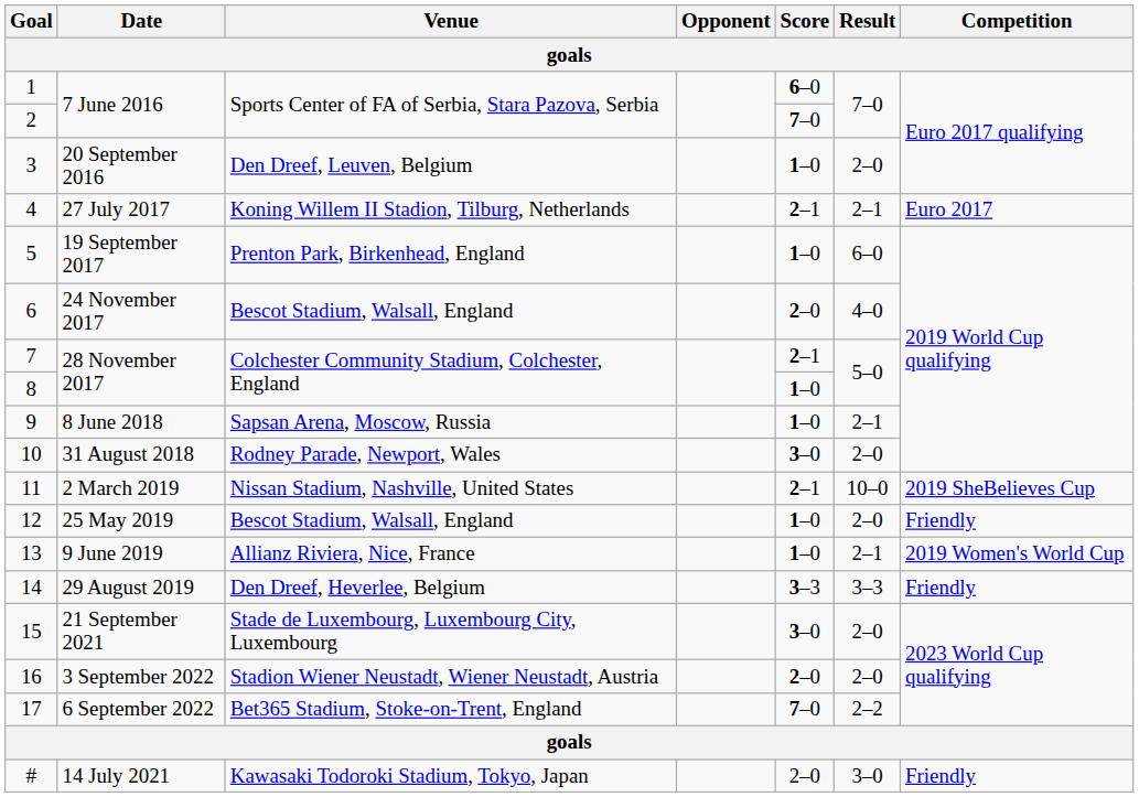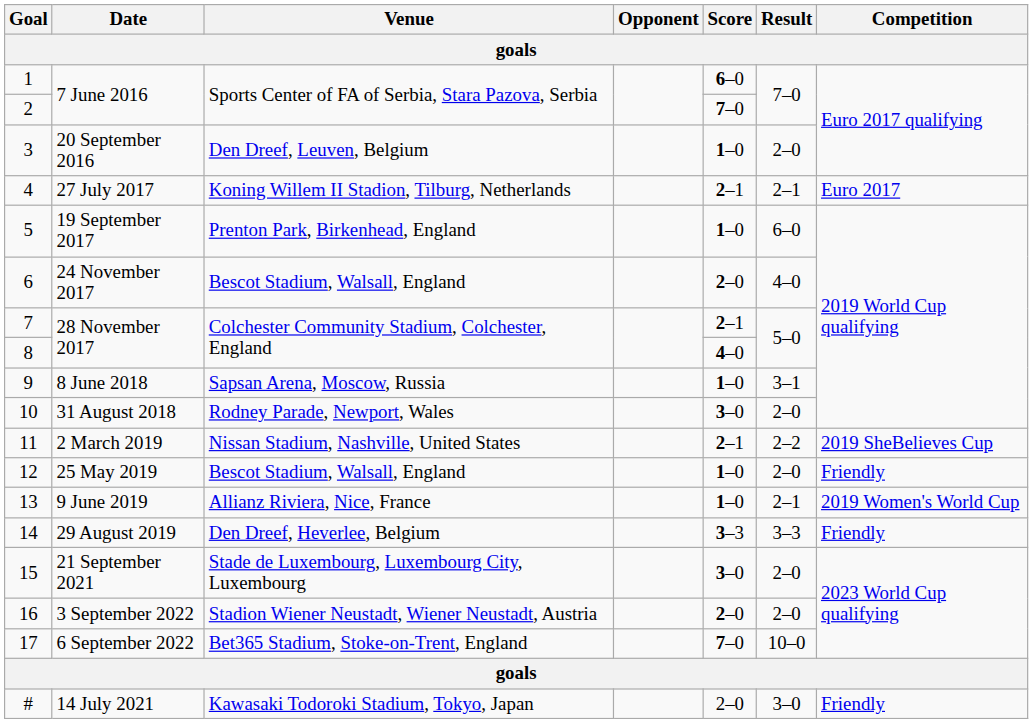 <table class="wikitable sortable plainrowheaders">
 <tr>
 <th>Goal</th>
 <th>Date</th>
 <th>Venue</th>
 <th>Opponent</th>
 <th>Score</th>
 <th>Result</th>
 <th>Competition</th>
 </tr>
 <tr>
 <th colspan="7"> goals</th>
 </tr>
 <tr>
 <td align="center">1</td>
 <td rowspan="2">7 June 2016</td>
 <td rowspan="2">Sports Center of FA of Serbia, <a href='#'>Stara Pazova</a>, Serbia</td>
 <td rowspan="2"></td>
 <td align="center"><strong>6</strong>–0</td>
 <td align="center" rowspan="2">7–0</td>
 <td rowspan="3"><a href='#'>Euro 2017 qualifying</a></td>
 </tr>
 <tr>
 <td align="center">2</td>
 <td align="center"><strong>7</strong>–0</td>
 </tr>
 <tr>
 <td align="center">3</td>
 <td>20 September 2016</td>
 <td><a href='#'>Den Dreef</a>, <a href='#'>Leuven</a>, Belgium</td>
 <td></td>
 <td align="center"><strong>1</strong>–0</td>
 <td align="center">2–0</td>
 </tr>
 <tr>
 <td align="center">4</td>
 <td>27 July 2017</td>
 <td><a href='#'>Koning Willem II Stadion</a>, <a href='#'>Tilburg</a>, Netherlands</td>
 <td></td>
 <td align="center"><strong>2</strong>–1</td>
 <td align="center">2–1</td>
 <td><a href='#'>Euro 2017</a></td>
 </tr>
 <tr>
 <td align="center">5</td>
 <td>19 September 2017</td>
 <td><a href='#'>Prenton Park</a>, <a href='#'>Birkenhead</a>, England</td>
 <td></td>
 <td align="center"><strong>1</strong>–0</td>
 <td align="center">6–0</td>
 <td rowspan="6"><a href='#'>2019 World Cup qualifying</a></td>
 </tr>
 <tr>
 <td align="center">6</td>
 <td>24 November 2017</td>
 <td><a href='#'>Bescot Stadium</a>, <a href='#'>Walsall</a>, England</td>
 <td></td>
 <td align="center"><strong>2</strong>–0</td>
 <td align="center">4–0</td>
 </tr>
 <tr>
 <td align="center">7</td>
 <td rowspan="2">28 November 2017</td>
 <td rowspan="2"><a href='#'>Colchester Community Stadium</a>, <a href='#'>Colchester</a>, England</td>
 <td rowspan="2"></td>
 <td align="center"><strong>2</strong>–1</td>
 <td align="center" rowspan="2">5–0</td>
 </tr>
 <tr>
 <td align="center">8</td>
-<td align="center"><strong>1</strong>–0</td>
+<td align="center"><strong>4</strong>–0</td>
 </tr>
 <tr>
 <td align="center">9</td>
 <td>8 June 2018</td>
 <td><a href='#'>Sapsan Arena</a>, <a href='#'>Moscow</a>, Russia</td>
 <td></td>
 <td align="center"><strong>1</strong>–0</td>
-<td align="center">2–1</td>
+<td align="center">3–1</td>
 </tr>
 <tr>
 <td align="center">10</td>
 <td>31 August 2018</td>
 <td><a href='#'>Rodney Parade</a>, <a href='#'>Newport</a>, Wales</td>
 <td></td>
 <td align="center"><strong>3</strong>–0</td>
 <td align="center">2–0</td>
 </tr>
 <tr>
 <td align="center">11</td>
 <td>2 March 2019</td>
 <td><a href='#'>Nissan Stadium</a>, <a href='#'>Nashville</a>, United States</td>
 <td></td>
 <td align="center"><strong>2</strong>–1</td>
-<td align="center">10–0</td>
+<td align="center">2–2</td>
 <td><a href='#'>2019 SheBelieves Cup</a></td>
 </tr>
 <tr>
 <td align="center">12</td>
 <td>25 May 2019</td>
 <td><a href='#'>Bescot Stadium</a>, <a href='#'>Walsall</a>, England</td>
 <td></td>
 <td align="center"><strong>1</strong>–0</td>
 <td align="center">2–0</td>
 <td><a href='#'>Friendly</a></td>
 </tr>
 <tr>
 <td align="center">13</td>
 <td>9 June 2019</td>
 <td><a href='#'>Allianz Riviera</a>, <a href='#'>Nice</a>, France</td>
 <td></td>
 <td align="center"><strong>1</strong>–0</td>
 <td align="center">2–1</td>
 <td><a href='#'>2019 Women's World Cup</a></td>
 </tr>
 <tr>
 <td align="center">14</td>
 <td>29 August 2019</td>
 <td><a href='#'>Den Dreef</a>, <a href='#'>Heverlee</a>, Belgium</td>
 <td></td>
 <td align="center"><strong>3</strong>–3</td>
 <td align="center">3–3</td>
 <td><a href='#'>Friendly</a></td>
 </tr>
 <tr>
 <td align="center">15</td>
 <td>21 September 2021</td>
 <td><a href='#'>Stade de Luxembourg</a>, <a href='#'>Luxembourg City</a>, Luxembourg</td>
 <td></td>
 <td align="center"><strong>3</strong>–0</td>
 <td align="center">2–0</td>
 <td rowspan="3"><a href='#'>2023 World Cup qualifying</a></td>
 </tr>
 <tr>
 <td align="center">16</td>
 <td>3 September 2022</td>
 <td><a href='#'>Stadion Wiener Neustadt</a>, <a href='#'>Wiener Neustadt</a>, Austria</td>
 <td></td>
 <td align="center"><strong>2</strong>–0</td>
 <td align="center">2–0</td>
 </tr>
 <tr>
 <td align="center">17</td>
 <td>6 September 2022</td>
 <td><a href='#'>Bet365 Stadium</a>, <a href='#'>Stoke-on-Trent</a>, England</td>
 <td></td>
 <td align="center"><strong>7</strong>–0</td>
-<td align="center">2–2</td>
+<td align="center">10–0</td>
 </tr>
 <tr>
 <th colspan="7"> goals</th>
 </tr>
 <tr>
 <td align="center">#<br></td>
 <td>14 July 2021</td>
 <td><a href='#'>Kawasaki Todoroki Stadium</a>, <a href='#'>Tokyo</a>, Japan</td>
 <td></td>
 <td align="center">2–0</td>
 <td style="text-align:center">3–0</td>
 <td rowspan="2"><a href='#'>Friendly</a></td>
 </tr>
 </table>
